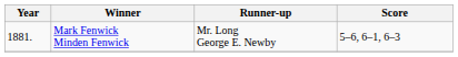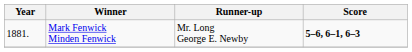 <table class="wikitable">
 <tr>
 <th style="width:60px;">Year</th>
 <th style="width:200px;">Winner</th>
 <th style="width:200px;">Runner-up</th>
 <th style="width:160px;">Score</th>
 </tr>
 <tr>
 <td>1881.</td>
 <td> <a href='#'>Mark Fenwick</a><br> <a href='#'>Minden Fenwick</a></td>
 <td> Mr. Long<br> George E. Newby</td>
-<td>5–6, 6–1, 6–3</td>
+<td><strong>5–6, 6–1, 6–3</strong></td>
 </tr>
 <tr>
 </tr>
 </table>
